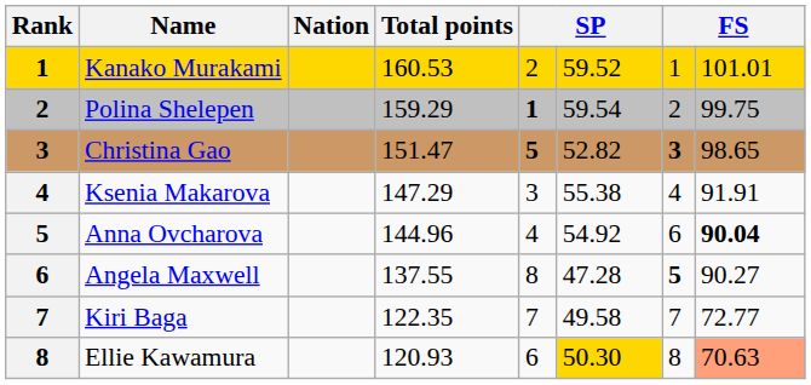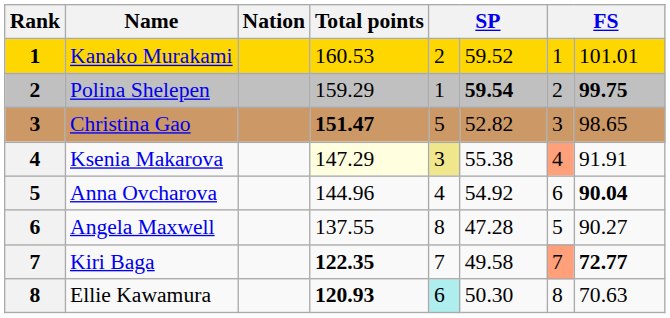 <table class="wikitable sortable">
 <tr>
 <th>Rank</th>
 <th>Name</th>
 <th>Nation</th>
 <th>Total points</th>
 <th colspan="2" width="80px"><a href='#'>SP</a></th>
 <th colspan="2" width="80px"><a href='#'>FS</a></th>
 </tr>
 <tr bgcolor="gold">
 <td align="center"><strong>1</strong></td>
 <td><a href='#'>Kanako Murakami</a></td>
 <td></td>
 <td>160.53</td>
 <td>2</td>
 <td>59.52</td>
 <td>1</td>
 <td>101.01</td>
 </tr>
 <tr bgcolor="silver">
 <td align="center"><strong>2</strong></td>
 <td><a href='#'>Polina Shelepen</a></td>
 <td></td>
 <td>159.29</td>
-<td><strong>1</strong></td>
-<td>59.54</td>
+<td>1</td>
+<td><strong>59.54</strong></td>
 <td>2</td>
-<td>99.75</td>
+<td><strong>99.75</strong></td>
 </tr>
 <tr bgcolor="cc9966">
 <td align="center"><strong>3</strong></td>
 <td><a href='#'>Christina Gao</a></td>
 <td></td>
-<td>151.47</td>
-<td><strong>5</strong></td>
+<td><strong>151.47</strong></td>
+<td>5</td>
 <td>52.82</td>
-<td><strong>3</strong></td>
+<td>3</td>
 <td>98.65</td>
 </tr>
 <tr>
 <th>4</th>
 <td><a href='#'>Ksenia Makarova</a></td>
 <td></td>
-<td>147.29</td>
-<td>3</td>
+<td style="background: lightyellow;">147.29</td>
+<td style="background: khaki;">3</td>
 <td>55.38</td>
-<td>4</td>
+<td style="background: lightsalmon;">4</td>
 <td>91.91</td>
 </tr>
 <tr>
 <th>5</th>
 <td><a href='#'>Anna Ovcharova</a></td>
 <td></td>
 <td>144.96</td>
 <td>4</td>
 <td>54.92</td>
 <td>6</td>
 <td><strong>90.04</strong></td>
 </tr>
 <tr>
 <th>6</th>
 <td><a href='#'>Angela Maxwell</a></td>
 <td></td>
 <td>137.55</td>
 <td>8</td>
 <td>47.28</td>
-<td><strong>5</strong></td>
+<td>5</td>
 <td>90.27</td>
 </tr>
 <tr>
 <th>7</th>
 <td><a href='#'>Kiri Baga</a></td>
 <td></td>
-<td>122.35</td>
+<td><strong>122.35</strong></td>
 <td>7</td>
 <td>49.58</td>
-<td>7</td>
-<td>72.77</td>
+<td style="background: lightsalmon;">7</td>
+<td><strong>72.77</strong></td>
 </tr>
 <tr>
 <th>8</th>
 <td>Ellie Kawamura</td>
 <td></td>
-<td>120.93</td>
-<td>6</td>
-<td style="background: gold;">50.30</td>
+<td><strong>120.93</strong></td>
+<td style="background: paleturquoise;">6</td>
+<td>50.30</td>
 <td>8</td>
-<td style="background: lightsalmon;">70.63</td>
+<td>70.63</td>
 </tr>
 </table>
